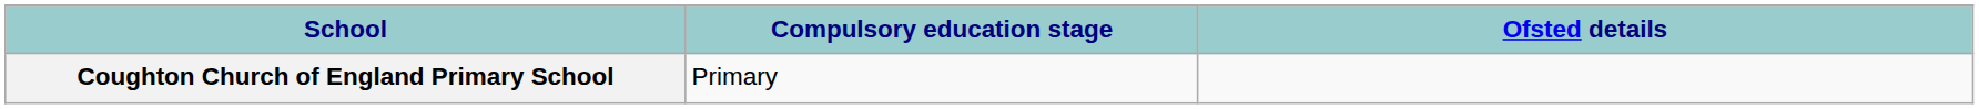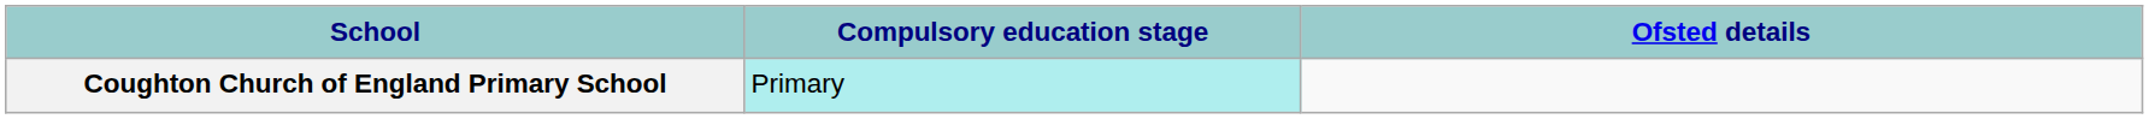 <table class="wikitable sortable" style="font-size:90%;width:90%;border:0px;text-align:left;line-height:150%;">
 <tr>
 <th style="background: #99CCCC; color: #000080" height="17" width="175">School</th>
 <th style="background: #99CCCC; color: #000080" height="17" width="130">Compulsory education stage</th>
 <th style="background: #99CCCC; color: #000080" height="17" width="200"><a href='#'>Ofsted</a> details</th>
 </tr>
 <tr>
 <th>Coughton Church of England Primary School</th>
-<td>Primary</td>
+<td style="background: paleturquoise;">Primary</td>
 <td></td>
 </tr>
 <tr>
 </tr>
 </table>
